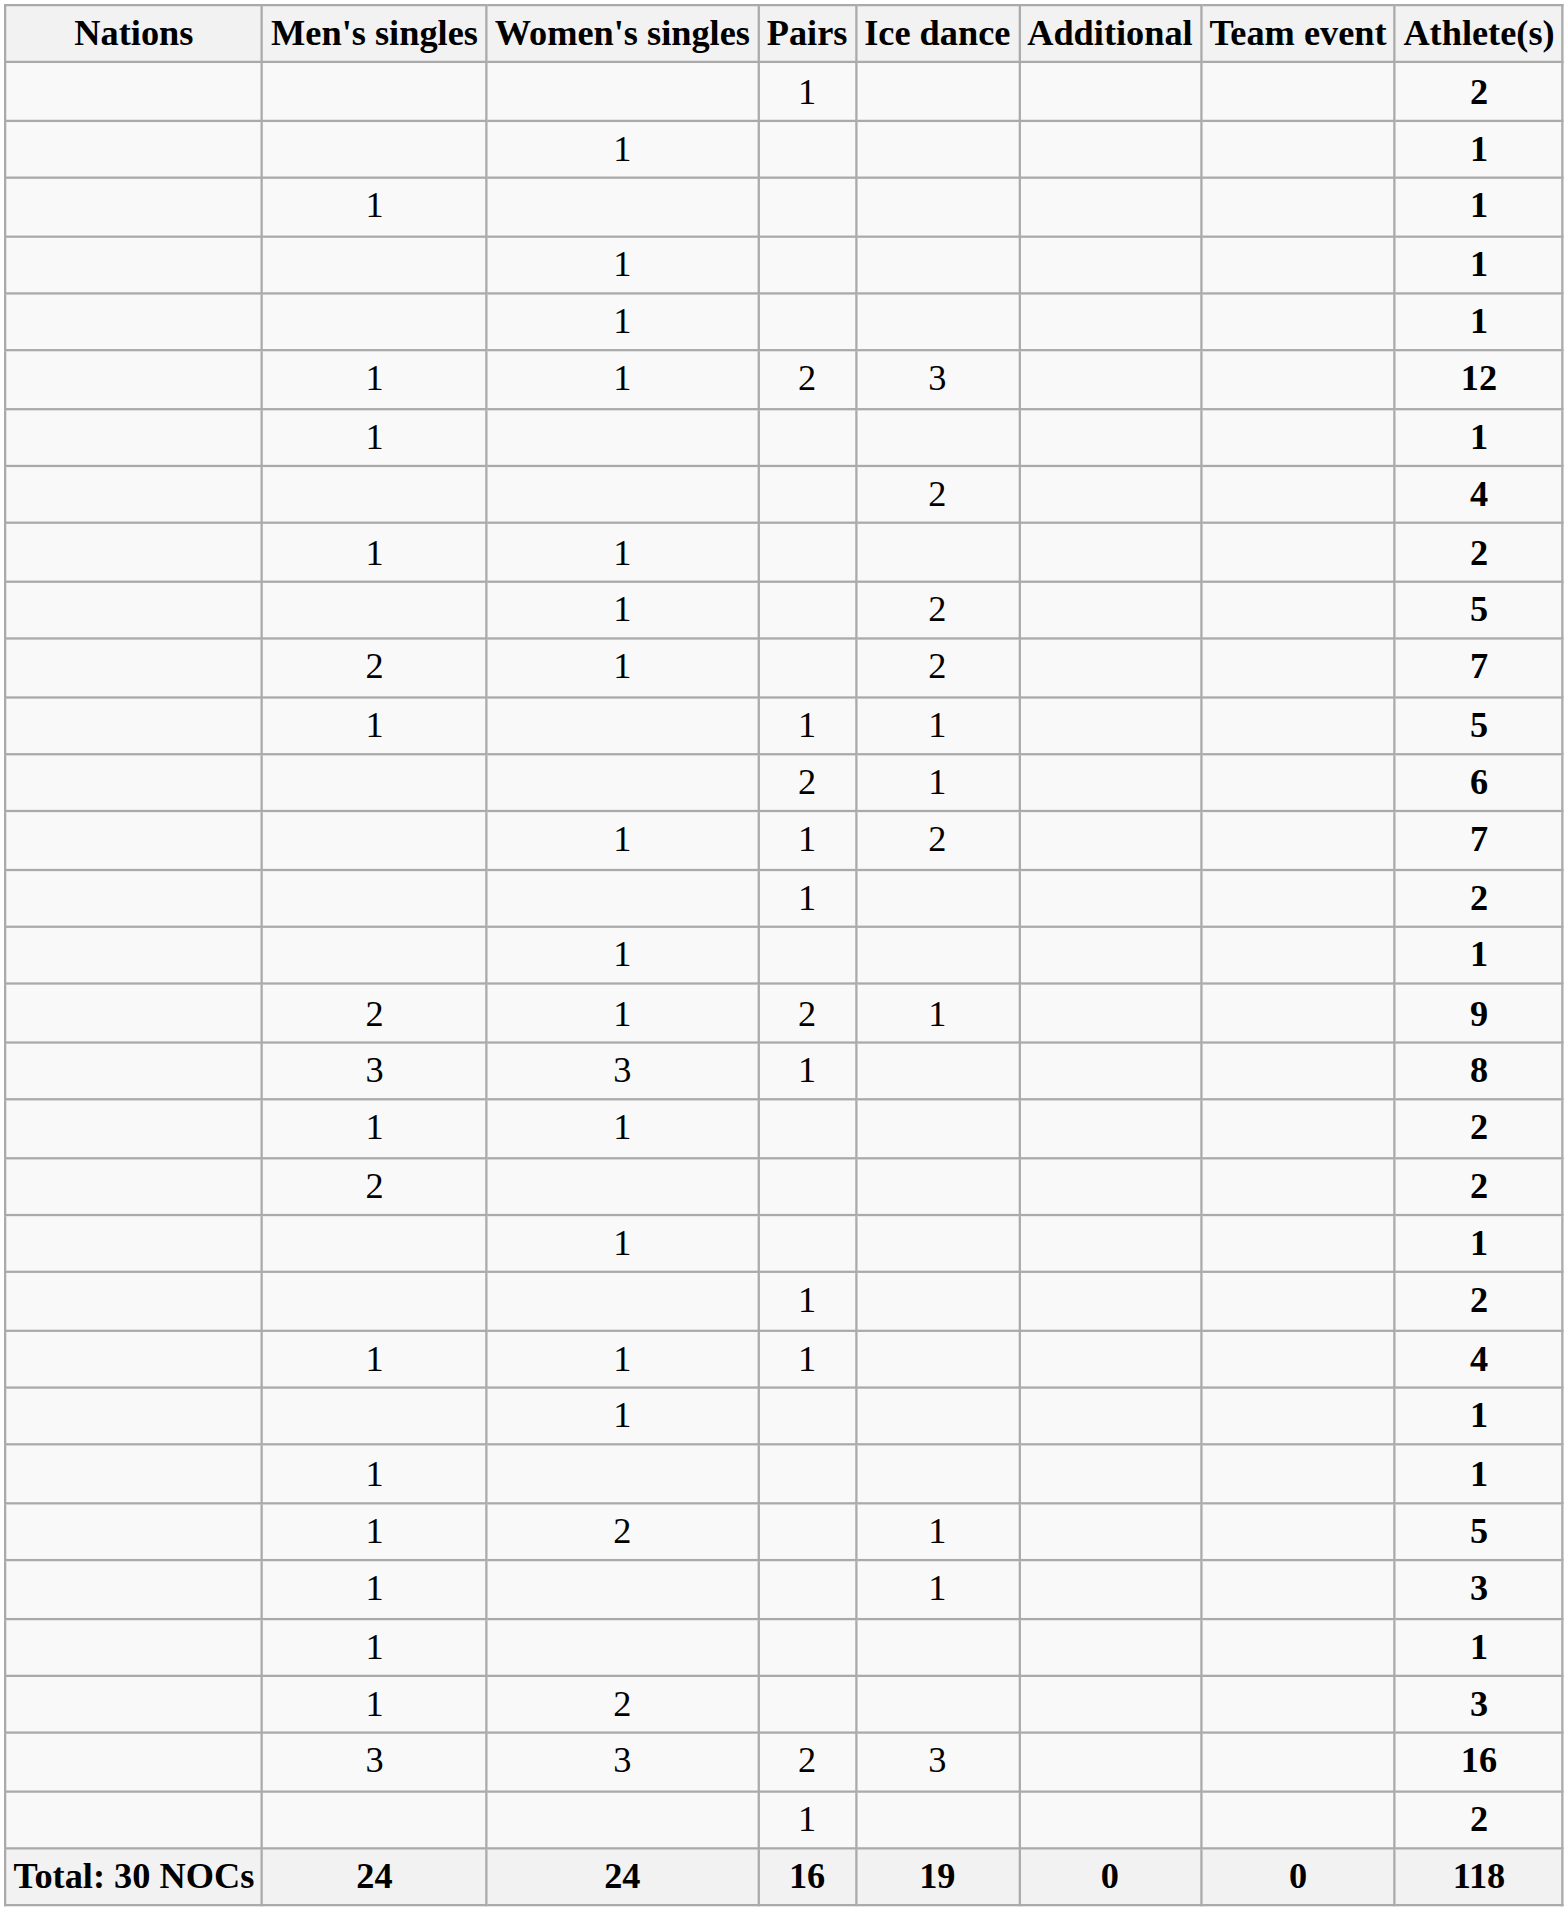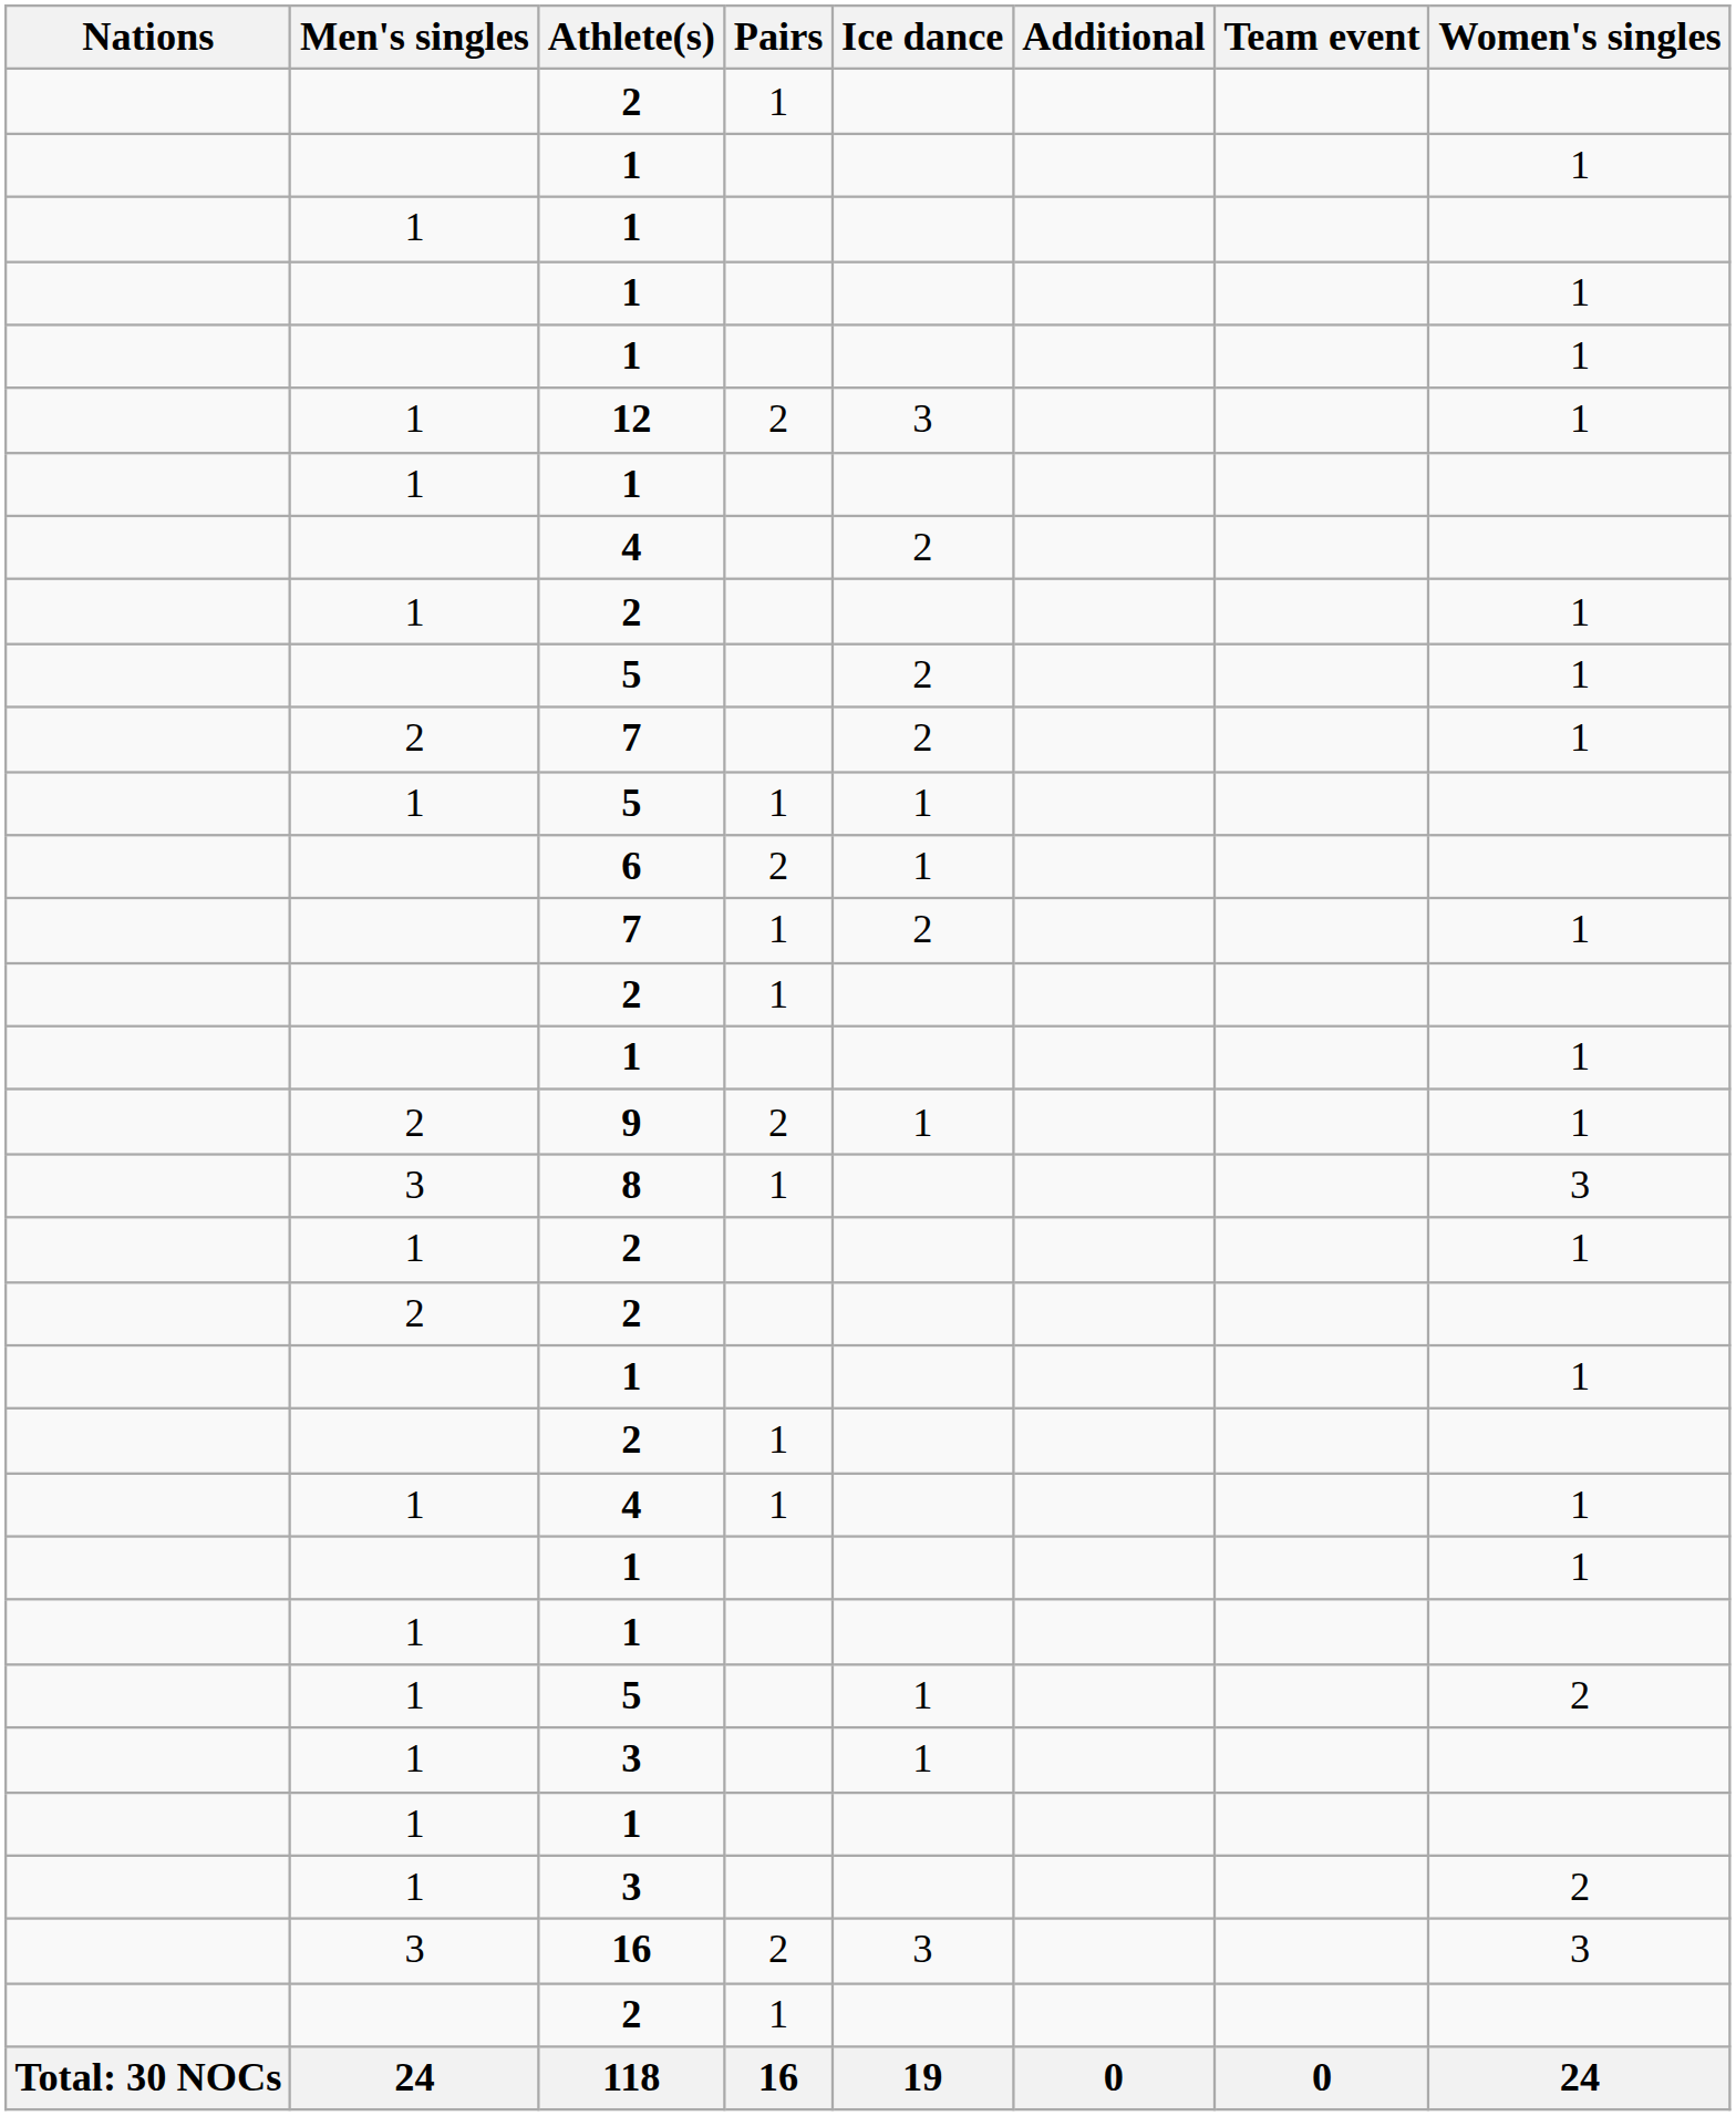 <table class="wikitable sortable" style="text-align:center;">
 <tr>
 <th>Nations</th>
 <th>Men's singles</th>
-<th>Women's singles</th>
+<th>Athlete(s)</th>
 <th>Pairs</th>
 <th>Ice dance</th>
 <th>Additional</th>
 <th>Team event</th>
-<th>Athlete(s)</th>
+<th>Women's singles</th>
 </tr>
 <tr>
 <td style="text-align:left;"></td>
 <td></td>
+<td><strong>2</strong></td>
+<td>1</td>
+<td></td>
+<td></td>
+<td></td>
+<td></td>
+</tr>
+<tr>
+<td style="text-align:left;"></td>
+<td></td>
+<td><strong>1</strong></td>
+<td></td>
+<td></td>
+<td></td>
+<td></td>
+<td>1</td>
+</tr>
+<tr>
+<td style="text-align:left;"></td>
+<td>1</td>
+<td><strong>1</strong></td>
+<td></td>
+<td></td>
+<td></td>
+<td></td>
+<td></td>
+</tr>
+<tr>
+<td style="text-align:left;"></td>
+<td></td>
+<td><strong>1</strong></td>
+<td></td>
+<td></td>
+<td></td>
+<td></td>
+<td>1</td>
+</tr>
+<tr>
+<td style="text-align:left;"></td>
+<td></td>
+<td><strong>1</strong></td>
+<td></td>
+<td></td>
+<td></td>
+<td></td>
+<td>1</td>
+</tr>
+<tr>
+<td style="text-align:left;"></td>
+<td>1</td>
+<td><strong>12</strong></td>
+<td>2</td>
+<td>3</td>
+<td></td>
+<td></td>
+<td>1</td>
+</tr>
+<tr>
+<td style="text-align:left;"></td>
+<td>1</td>
+<td><strong>1</strong></td>
+<td></td>
+<td></td>
+<td></td>
+<td></td>
+<td></td>
+</tr>
+<tr>
+<td style="text-align:left;"></td>
+<td></td>
+<td><strong>4</strong></td>
+<td></td>
+<td>2</td>
+<td></td>
+<td></td>
+<td></td>
+</tr>
+<tr>
+<td style="text-align:left;"></td>
+<td>1</td>
+<td><strong>2</strong></td>
+<td></td>
+<td></td>
+<td></td>
+<td></td>
+<td>1</td>
+</tr>
+<tr>
+<td style="text-align:left;"></td>
+<td></td>
+<td><strong>5</strong></td>
+<td></td>
+<td>2</td>
+<td></td>
+<td></td>
+<td>1</td>
+</tr>
+<tr>
+<td style="text-align:left;"></td>
+<td>2</td>
+<td><strong>7</strong></td>
+<td></td>
+<td>2</td>
+<td></td>
+<td></td>
+<td>1</td>
+</tr>
+<tr>
+<td style="text-align:left;"></td>
+<td>1</td>
+<td><strong>5</strong></td>
+<td>1</td>
+<td>1</td>
+<td></td>
+<td></td>
+<td></td>
+</tr>
+<tr>
+<td style="text-align:left;"></td>
+<td></td>
+<td><strong>6</strong></td>
+<td>2</td>
+<td>1</td>
+<td></td>
+<td></td>
+<td></td>
+</tr>
+<tr>
+<td style="text-align:left;"></td>
+<td></td>
+<td><strong>7</strong></td>
+<td>1</td>
+<td>2</td>
+<td></td>
+<td></td>
+<td>1</td>
+</tr>
+<tr>
+<td style="text-align:left;"></td>
+<td></td>
+<td><strong>2</strong></td>
+<td>1</td>
+<td></td>
+<td></td>
+<td></td>
+<td></td>
+</tr>
+<tr>
+<td style="text-align:left;"></td>
+<td></td>
+<td><strong>1</strong></td>
+<td></td>
+<td></td>
+<td></td>
+<td></td>
+<td>1</td>
+</tr>
+<tr>
+<td style="text-align:left;"></td>
+<td>2</td>
+<td><strong>9</strong></td>
+<td>2</td>
+<td>1</td>
+<td></td>
+<td></td>
+<td>1</td>
+</tr>
+<tr>
+<td style="text-align:left;"></td>
+<td>3</td>
+<td><strong>8</strong></td>
+<td>1</td>
+<td></td>
+<td></td>
+<td></td>
+<td>3</td>
+</tr>
+<tr>
+<td style="text-align:left;"></td>
+<td>1</td>
+<td><strong>2</strong></td>
+<td></td>
+<td></td>
+<td></td>
+<td></td>
+<td>1</td>
+</tr>
+<tr>
+<td style="text-align:left;"></td>
+<td>2</td>
+<td><strong>2</strong></td>
+<td></td>
+<td></td>
+<td></td>
+<td></td>
+<td></td>
+</tr>
+<tr>
+<td style="text-align:left;"></td>
+<td></td>
+<td><strong>1</strong></td>
+<td></td>
+<td></td>
+<td></td>
+<td></td>
+<td>1</td>
+</tr>
+<tr>
+<td style="text-align:left;"></td>
+<td></td>
+<td><strong>2</strong></td>
+<td>1</td>
+<td></td>
+<td></td>
+<td></td>
+<td></td>
+</tr>
+<tr>
+<td style="text-align:left;"></td>
+<td>1</td>
+<td><strong>4</strong></td>
+<td>1</td>
+<td></td>
+<td></td>
+<td></td>
+<td>1</td>
+</tr>
+<tr>
+<td style="text-align:left;"></td>
+<td></td>
+<td><strong>1</strong></td>
+<td></td>
+<td></td>
+<td></td>
+<td></td>
+<td>1</td>
+</tr>
+<tr>
+<td style="text-align:left;"></td>
+<td>1</td>
+<td><strong>1</strong></td>
+<td></td>
+<td></td>
+<td></td>
+<td></td>
+<td></td>
+</tr>
+<tr>
+<td style="text-align:left;"></td>
+<td>1</td>
+<td><strong>5</strong></td>
+<td></td>
+<td>1</td>
+<td></td>
+<td></td>
+<td>2</td>
+</tr>
+<tr>
+<td style="text-align:left;"></td>
+<td>1</td>
+<td><strong>3</strong></td>
 <td></td>
 <td>1</td>
 <td></td>
 <td></td>
 <td></td>
-<td><strong>2</strong></td>
+</tr>
+<tr>
+<td style="text-align:left;"></td>
+<td>1</td>
+<td><strong>1</strong></td>
+<td></td>
+<td></td>
+<td></td>
+<td></td>
+<td></td>
+</tr>
+<tr>
+<td style="text-align:left;"></td>
+<td>1</td>
+<td><strong>3</strong></td>
+<td></td>
+<td></td>
+<td></td>
+<td></td>
+<td>2</td>
+</tr>
+<tr>
+<td style="text-align:left;"></td>
+<td>3</td>
+<td><strong>16</strong></td>
+<td>2</td>
+<td>3</td>
+<td></td>
+<td></td>
+<td>3</td>
 </tr>
 <tr>
 <td style="text-align:left;"></td>
 <td></td>
+<td><strong>2</strong></td>
 <td>1</td>
 <td></td>
 <td></td>
 <td></td>
 <td></td>
-<td><strong>1</strong></td>
-</tr>
-<tr>
-<td style="text-align:left;"></td>
-<td>1</td>
-<td></td>
-<td></td>
-<td></td>
-<td></td>
-<td></td>
-<td><strong>1</strong></td>
-</tr>
-<tr>
-<td style="text-align:left;"></td>
-<td></td>
-<td>1</td>
-<td></td>
-<td></td>
-<td></td>
-<td></td>
-<td><strong>1</strong></td>
-</tr>
-<tr>
-<td style="text-align:left;"></td>
-<td></td>
-<td>1</td>
-<td></td>
-<td></td>
-<td></td>
-<td></td>
-<td><strong>1</strong></td>
-</tr>
-<tr>
-<td style="text-align:left;"></td>
-<td>1</td>
-<td>1</td>
-<td>2</td>
-<td>3</td>
-<td></td>
-<td></td>
-<td><strong>12</strong></td>
-</tr>
-<tr>
-<td style="text-align:left;"></td>
-<td>1</td>
-<td></td>
-<td></td>
-<td></td>
-<td></td>
-<td></td>
-<td><strong>1</strong></td>
-</tr>
-<tr>
-<td style="text-align:left;"></td>
-<td></td>
-<td></td>
-<td></td>
-<td>2</td>
-<td></td>
-<td></td>
-<td><strong>4</strong></td>
-</tr>
-<tr>
-<td style="text-align:left;"></td>
-<td>1</td>
-<td>1</td>
-<td></td>
-<td></td>
-<td></td>
-<td></td>
-<td><strong>2</strong></td>
-</tr>
-<tr>
-<td style="text-align:left;"></td>
-<td></td>
-<td>1</td>
-<td></td>
-<td>2</td>
-<td></td>
-<td></td>
-<td><strong>5</strong></td>
-</tr>
-<tr>
-<td style="text-align:left;"></td>
-<td>2</td>
-<td>1</td>
-<td></td>
-<td>2</td>
-<td></td>
-<td></td>
-<td><strong>7</strong></td>
-</tr>
-<tr>
-<td style="text-align:left;"></td>
-<td>1</td>
-<td></td>
-<td>1</td>
-<td>1</td>
-<td></td>
-<td></td>
-<td><strong>5</strong></td>
-</tr>
-<tr>
-<td style="text-align:left;"></td>
-<td></td>
-<td></td>
-<td>2</td>
-<td>1</td>
-<td></td>
-<td></td>
-<td><strong>6</strong></td>
-</tr>
-<tr>
-<td style="text-align:left;"></td>
-<td></td>
-<td>1</td>
-<td>1</td>
-<td>2</td>
-<td></td>
-<td></td>
-<td><strong>7</strong></td>
-</tr>
-<tr>
-<td style="text-align:left;"></td>
-<td></td>
-<td></td>
-<td>1</td>
-<td></td>
-<td></td>
-<td></td>
-<td><strong>2</strong></td>
-</tr>
-<tr>
-<td style="text-align:left;"></td>
-<td></td>
-<td>1</td>
-<td></td>
-<td></td>
-<td></td>
-<td></td>
-<td><strong>1</strong></td>
-</tr>
-<tr>
-<td style="text-align:left;"></td>
-<td>2</td>
-<td>1</td>
-<td>2</td>
-<td>1</td>
-<td></td>
-<td></td>
-<td><strong>9</strong></td>
-</tr>
-<tr>
-<td style="text-align:left;"></td>
-<td>3</td>
-<td>3</td>
-<td>1</td>
-<td></td>
-<td></td>
-<td></td>
-<td><strong>8</strong></td>
-</tr>
-<tr>
-<td style="text-align:left;"></td>
-<td>1</td>
-<td>1</td>
-<td></td>
-<td></td>
-<td></td>
-<td></td>
-<td><strong>2</strong></td>
-</tr>
-<tr>
-<td style="text-align:left;"></td>
-<td>2</td>
-<td></td>
-<td></td>
-<td></td>
-<td></td>
-<td></td>
-<td><strong>2</strong></td>
-</tr>
-<tr>
-<td style="text-align:left;"></td>
-<td></td>
-<td>1</td>
-<td></td>
-<td></td>
-<td></td>
-<td></td>
-<td><strong>1</strong></td>
-</tr>
-<tr>
-<td style="text-align:left;"></td>
-<td></td>
-<td></td>
-<td>1</td>
-<td></td>
-<td></td>
-<td></td>
-<td><strong>2</strong></td>
-</tr>
-<tr>
-<td style="text-align:left;"></td>
-<td>1</td>
-<td>1</td>
-<td>1</td>
-<td></td>
-<td></td>
-<td></td>
-<td><strong>4</strong></td>
-</tr>
-<tr>
-<td style="text-align:left;"></td>
-<td></td>
-<td>1</td>
-<td></td>
-<td></td>
-<td></td>
-<td></td>
-<td><strong>1</strong></td>
-</tr>
-<tr>
-<td style="text-align:left;"></td>
-<td>1</td>
-<td></td>
-<td></td>
-<td></td>
-<td></td>
-<td></td>
-<td><strong>1</strong></td>
-</tr>
-<tr>
-<td style="text-align:left;"></td>
-<td>1</td>
-<td>2</td>
-<td></td>
-<td>1</td>
-<td></td>
-<td></td>
-<td><strong>5</strong></td>
-</tr>
-<tr>
-<td style="text-align:left;"></td>
-<td>1</td>
-<td></td>
-<td></td>
-<td>1</td>
-<td></td>
-<td></td>
-<td><strong>3</strong></td>
-</tr>
-<tr>
-<td style="text-align:left;"></td>
-<td>1</td>
-<td></td>
-<td></td>
-<td></td>
-<td></td>
-<td></td>
-<td><strong>1</strong></td>
-</tr>
-<tr>
-<td style="text-align:left;"></td>
-<td>1</td>
-<td>2</td>
-<td></td>
-<td></td>
-<td></td>
-<td></td>
-<td><strong>3</strong></td>
-</tr>
-<tr>
-<td style="text-align:left;"></td>
-<td>3</td>
-<td>3</td>
-<td>2</td>
-<td>3</td>
-<td></td>
-<td></td>
-<td><strong>16</strong></td>
-</tr>
-<tr>
-<td style="text-align:left;"></td>
-<td></td>
-<td></td>
-<td>1</td>
-<td></td>
-<td></td>
-<td></td>
-<td><strong>2</strong></td>
 </tr>
 <tr class="sortbottom">
 <th style="text-align:left;">Total: 30 NOCs</th>
 <th>24</th>
-<th>24</th>
+<th>118</th>
 <th>16</th>
 <th>19</th>
 <th>0</th>
 <th>0</th>
-<th>118</th>
+<th>24</th>
 </tr>
 </table>
